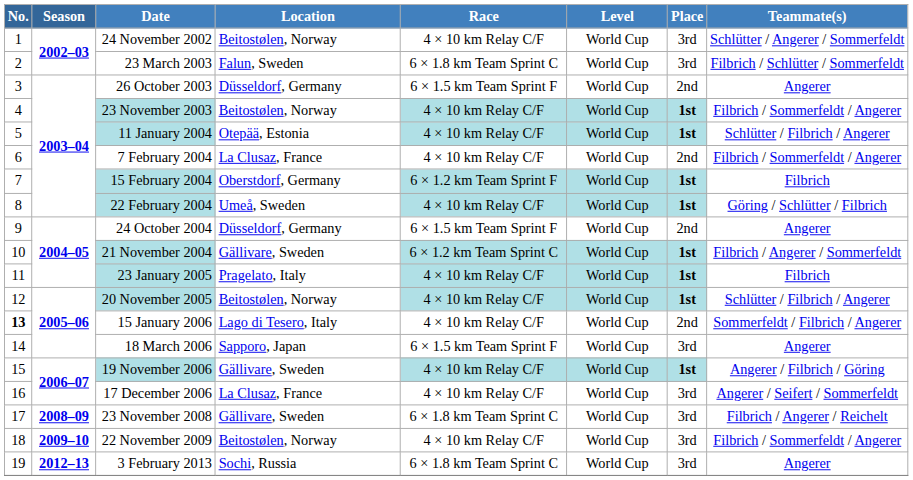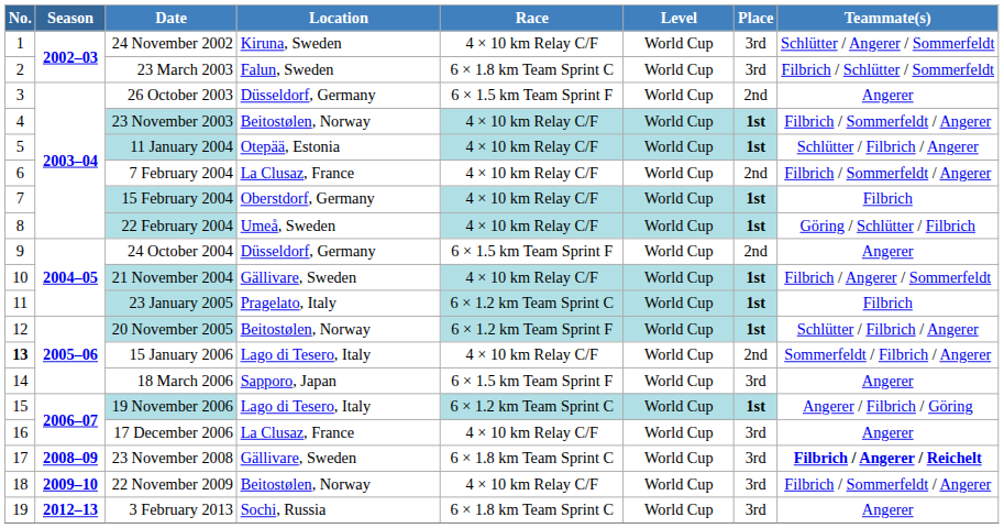 <table class="wikitable sortable" style="font-size:95%; text-align:center; border:grey solid 1px; border-collapse:collapse; background:#ffffff;">
 <tr style="background:#efefef;">
 <th style="background-color:#369; color:white;">No.</th>
 <th style="background-color:#369; color:white;">Season</th>
 <th style="background-color:#4180be; color:white; width:120px;">Date</th>
 <th style="background-color:#4180be; color:white; width:190px;">Location</th>
 <th style="background-color:#4180be; color:white; width:170px;">Race</th>
 <th style="background-color:#4180be; color:white; width:100px;">Level</th>
 <th style="background-color:#4180be; color:white;">Place</th>
 <th style="background-color:#4180be; color:white;">Teammate(s)</th>
 </tr>
 <tr>
 <td align=center>1</td>
 <td rowspan=2 align=center><strong> <a href='#'>2002–03</a> </strong></td>
 <td align=right>24 November 2002</td>
-<td align=left> <a href='#'>Beitostølen</a>, Norway</td>
+<td align=left> <a href='#'>Kiruna</a>, Sweden</td>
 <td>4 × 10 km Relay C/F</td>
 <td>World Cup</td>
 <td>3rd</td>
 <td><a href='#'>Schlütter</a> / <a href='#'>Angerer</a> / <a href='#'>Sommerfeldt</a></td>
 </tr>
 <tr>
 <td align=center>2</td>
 <td align=right>23 March 2003</td>
 <td align=left> <a href='#'>Falun</a>, Sweden</td>
 <td>6 × 1.8 km Team Sprint C</td>
 <td>World Cup</td>
 <td>3rd</td>
 <td><a href='#'>Filbrich</a> / <a href='#'>Schlütter</a> / <a href='#'>Sommerfeldt</a></td>
 </tr>
 <tr>
 <td align=center>3</td>
 <td rowspan=6 align=center><strong> <a href='#'>2003–04</a> </strong></td>
 <td align=right>26 October 2003</td>
 <td align=left> <a href='#'>Düsseldorf</a>, Germany</td>
 <td>6 × 1.5 km Team Sprint F</td>
 <td>World Cup</td>
 <td>2nd</td>
 <td><a href='#'>Angerer</a></td>
 </tr>
 <tr>
 <td align=center>4</td>
 <td bgcolor="#BOEOE6" align=right>23 November 2003</td>
 <td align=left> <a href='#'>Beitostølen</a>, Norway</td>
 <td bgcolor="#BOEOE6">4 × 10 km Relay C/F</td>
 <td bgcolor="#BOEOE6">World Cup</td>
 <td bgcolor="#BOEOE6"><strong>1st</strong></td>
 <td><a href='#'>Filbrich</a> / <a href='#'>Sommerfeldt</a> / <a href='#'>Angerer</a></td>
 </tr>
 <tr>
 <td align=center>5</td>
 <td bgcolor="#BOEOE6" align=right>11 January 2004</td>
 <td align=left> <a href='#'>Otepää</a>, Estonia</td>
 <td bgcolor="#BOEOE6">4 × 10 km Relay C/F</td>
 <td bgcolor="#BOEOE6">World Cup</td>
 <td bgcolor="#BOEOE6"><strong>1st</strong></td>
 <td><a href='#'>Schlütter</a> / <a href='#'>Filbrich</a> / <a href='#'>Angerer</a></td>
 </tr>
 <tr>
 <td align=center>6</td>
 <td align=right>7 February 2004</td>
 <td align=left> <a href='#'>La Clusaz</a>, France</td>
 <td>4 × 10 km Relay C/F</td>
 <td>World Cup</td>
 <td>2nd</td>
 <td><a href='#'>Filbrich</a> / <a href='#'>Sommerfeldt</a> / <a href='#'>Angerer</a></td>
 </tr>
 <tr>
 <td align=center>7</td>
 <td bgcolor="#BOEOE6" align=right>15 February 2004</td>
 <td align=left> <a href='#'>Oberstdorf</a>, Germany</td>
-<td bgcolor="#BOEOE6">6 × 1.2 km Team Sprint F</td>
+<td bgcolor="#BOEOE6">4 × 10 km Relay C/F</td>
 <td bgcolor="#BOEOE6">World Cup</td>
 <td bgcolor="#BOEOE6"><strong>1st</strong></td>
 <td><a href='#'>Filbrich</a></td>
 </tr>
 <tr>
 <td align=center>8</td>
 <td bgcolor="#BOEOE6" align=right>22 February 2004</td>
 <td align=left> <a href='#'>Umeå</a>, Sweden</td>
 <td bgcolor="#BOEOE6">4 × 10 km Relay C/F</td>
 <td bgcolor="#BOEOE6">World Cup</td>
 <td bgcolor="#BOEOE6"><strong>1st</strong></td>
 <td><a href='#'>Göring</a> / <a href='#'>Schlütter</a> / <a href='#'>Filbrich</a></td>
 </tr>
 <tr>
 <td align=center>9</td>
 <td rowspan=3 align=center><strong> <a href='#'>2004–05</a> </strong></td>
 <td align=right>24 October 2004</td>
 <td align=left> <a href='#'>Düsseldorf</a>, Germany</td>
 <td>6 × 1.5 km Team Sprint F</td>
 <td>World Cup</td>
 <td>2nd</td>
 <td><a href='#'>Angerer</a></td>
 </tr>
 <tr>
 <td align=center>10</td>
 <td bgcolor="#BOEOE6" align=right>21 November 2004</td>
 <td align=left> <a href='#'>Gällivare</a>, Sweden</td>
-<td bgcolor="#BOEOE6">6 × 1.2 km Team Sprint C</td>
+<td bgcolor="#BOEOE6">4 × 10 km Relay C/F</td>
 <td bgcolor="#BOEOE6">World Cup</td>
 <td bgcolor="#BOEOE6"><strong>1st</strong></td>
 <td><a href='#'>Filbrich</a> / <a href='#'>Angerer</a> / <a href='#'>Sommerfeldt</a></td>
 </tr>
 <tr>
 <td align=center>11</td>
 <td bgcolor="#BOEOE6" align=right>23 January 2005</td>
 <td align=left> <a href='#'>Pragelato</a>, Italy</td>
-<td bgcolor="#BOEOE6">4 × 10 km Relay C/F</td>
+<td bgcolor="#BOEOE6">6 × 1.2 km Team Sprint C</td>
 <td bgcolor="#BOEOE6">World Cup</td>
 <td bgcolor="#BOEOE6"><strong>1st</strong></td>
 <td><a href='#'>Filbrich</a></td>
 </tr>
 <tr>
 <td align=center>12</td>
 <td rowspan=3 align=center><strong><a href='#'>2005–06</a></strong></td>
 <td bgcolor="#BOEOE6" align=right>20 November 2005</td>
 <td align=left> <a href='#'>Beitostølen</a>, Norway</td>
-<td bgcolor="#BOEOE6">4 × 10 km Relay C/F</td>
+<td bgcolor="#BOEOE6">6 × 1.2 km Team Sprint F</td>
 <td bgcolor="#BOEOE6">World Cup</td>
 <td bgcolor="#BOEOE6"><strong>1st</strong></td>
 <td><a href='#'>Schlütter</a>  /  <a href='#'>Filbrich</a> / <a href='#'>Angerer</a></td>
 </tr>
 <tr>
 <td align=center><strong>13</strong></td>
 <td align=right>15 January 2006</td>
 <td align=left> <a href='#'>Lago di Tesero</a>, Italy</td>
 <td>4 × 10 km Relay C/F</td>
 <td>World Cup</td>
 <td>2nd</td>
 <td><a href='#'>Sommerfeldt</a> /  <a href='#'>Filbrich</a> / <a href='#'>Angerer</a></td>
 </tr>
 <tr>
 <td align=center>14</td>
 <td align=right>18 March 2006</td>
 <td align=left> <a href='#'>Sapporo</a>, Japan</td>
 <td>6 × 1.5 km Team Sprint F</td>
 <td>World Cup</td>
 <td>3rd</td>
 <td><a href='#'>Angerer</a></td>
 </tr>
 <tr>
 <td align=center>15</td>
 <td rowspan=2 align=center><strong><a href='#'>2006–07</a></strong></td>
 <td bgcolor="#BOEOE6" align=right>19 November 2006</td>
-<td align=left> <a href='#'>Gällivare</a>, Sweden</td>
-<td bgcolor="#BOEOE6">4 × 10 km Relay C/F</td>
+<td align=left> <a href='#'>Lago di Tesero</a>, Italy</td>
+<td bgcolor="#BOEOE6">6 × 1.2 km Team Sprint C</td>
 <td bgcolor="#BOEOE6">World Cup</td>
 <td bgcolor="#BOEOE6"><strong>1st</strong></td>
 <td><a href='#'>Angerer</a> / <a href='#'>Filbrich</a> / <a href='#'>Göring</a></td>
 </tr>
 <tr>
 <td align=center>16</td>
 <td align=right>17 December 2006</td>
 <td align=left> <a href='#'>La Clusaz</a>, France</td>
 <td>4 × 10 km Relay C/F</td>
 <td>World Cup</td>
 <td>3rd</td>
-<td><a href='#'>Angerer</a> / <a href='#'>Seifert</a> / <a href='#'>Sommerfeldt</a></td>
+<td><a href='#'>Angerer</a></td>
 </tr>
 <tr>
 <td align=center>17</td>
 <td rowspan=1 align=center><strong> <a href='#'>2008–09</a> </strong></td>
 <td align=right>23 November 2008</td>
 <td align=left> <a href='#'>Gällivare</a>, Sweden</td>
 <td>6 × 1.8 km Team Sprint C</td>
 <td>World Cup</td>
 <td>3rd</td>
-<td><a href='#'>Filbrich</a> / <a href='#'>Angerer</a> / <a href='#'>Reichelt</a></td>
+<td><strong><a href='#'>Filbrich</a> / <a href='#'>Angerer</a> / <a href='#'>Reichelt</a></strong></td>
 </tr>
 <tr>
 <td align=center>18</td>
 <td rowspan=1 align=center><strong> <a href='#'>2009–10</a> </strong></td>
 <td align=right>22 November 2009</td>
 <td align=left> <a href='#'>Beitostølen</a>, Norway</td>
 <td>4 × 10 km Relay C/F</td>
 <td>World Cup</td>
 <td>3rd</td>
 <td><a href='#'>Filbrich</a> / <a href='#'>Sommerfeldt</a> / <a href='#'>Angerer</a></td>
 </tr>
 <tr>
 <td align=center>19</td>
 <td rowspan=1 align=center><strong> <a href='#'>2012–13</a> </strong></td>
 <td align=right>3 February 2013</td>
 <td align=left> <a href='#'>Sochi</a>, Russia</td>
 <td>6 × 1.8 km Team Sprint C</td>
 <td>World Cup</td>
 <td>3rd</td>
 <td><a href='#'>Angerer</a></td>
 </tr>
 <tr>
 </tr>
 </table>
